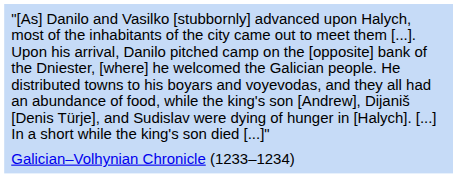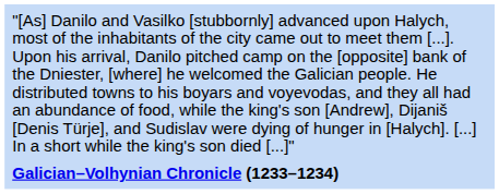 <table class="toccolours" style="float: right; margin-left: 2em; margin-right: 1em; font-size: 85%; background:#c6dbf7; color:black; width:30em; max-width: 40%;" cellspacing="5">
 <tr>
 <td style="text-align: left;">"[As] Danilo and Vasilko [stubbornly] advanced upon Halych, most of the inhabitants of the city came out to meet them [...]. Upon his arrival, Danilo pitched camp on the [opposite] bank of the Dniester, [where] he welcomed the Galician people. He distributed towns to his boyars and voyevodas, and they all had an abundance of food, while the king's son [Andrew], Dijaniš [Denis Türje], and Sudislav were dying of hunger in [Halych]. [...] In a short while the king's son died [...]"</td>
 </tr>
 <tr>
-<td style="text-align: left;"><a href='#'>Galician–Volhynian Chronicle</a> (1233–1234)</td>
+<td style="text-align: left;"><strong><a href='#'>Galician–Volhynian Chronicle</a> (1233–1234)</strong></td>
 </tr>
 </table>
